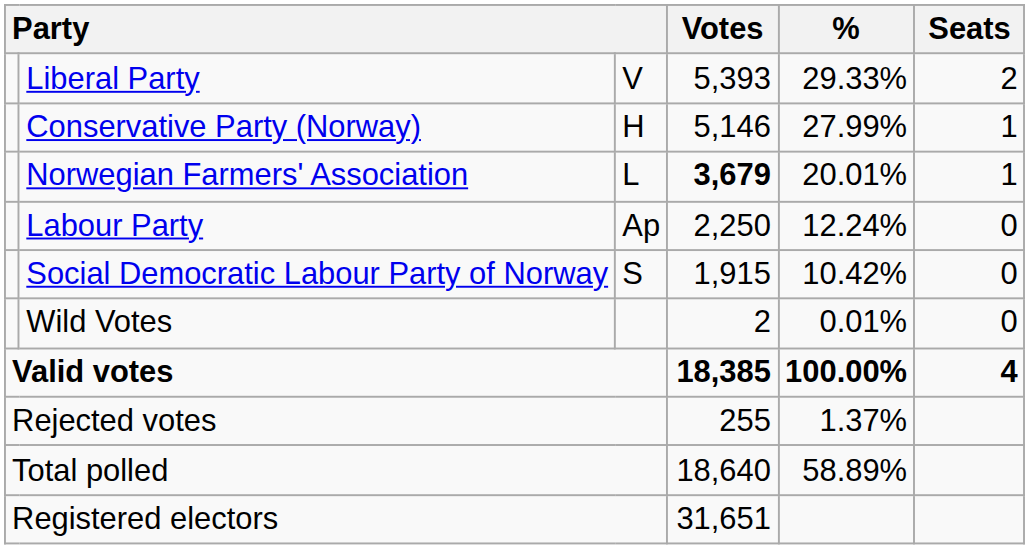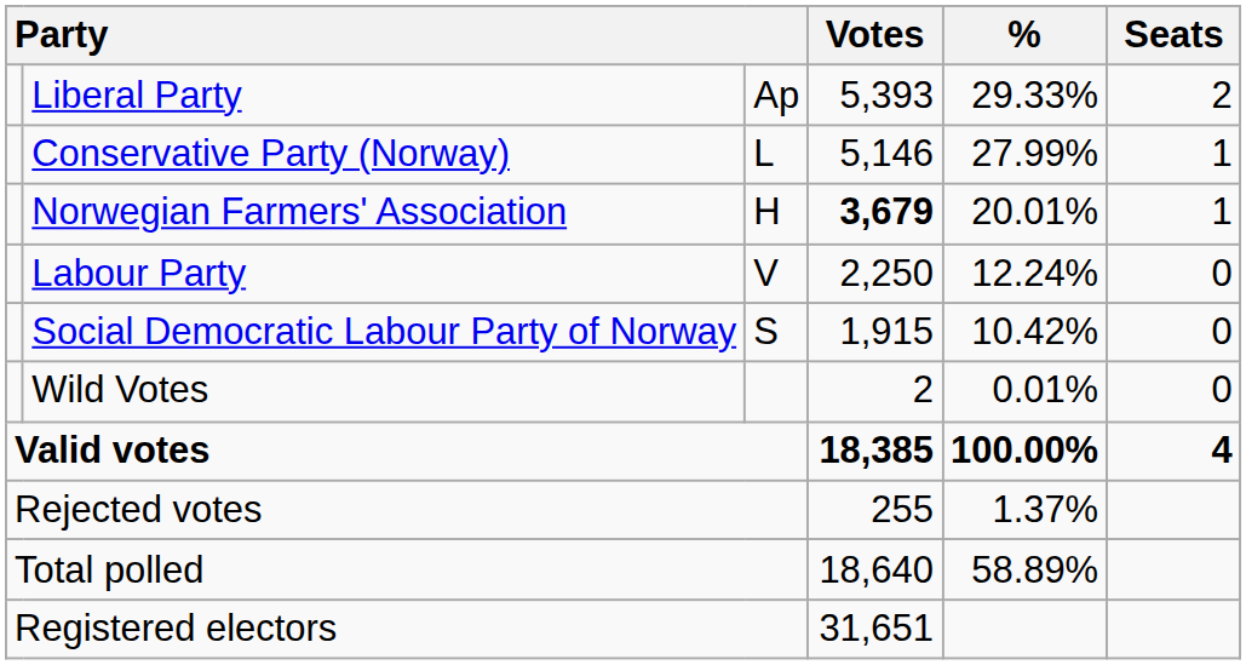 <table class="wikitable" border="1" style="text-align:right;">
 <tr>
 <th style="text-align:left;" colspan=3>Party</th>
 <th align=center width="50">Votes</th>
 <th align=center width="50">%</th>
 <th align=center width="50">Seats</th>
 </tr>
 <tr>
 <td style="color:inherit;background:"></td>
 <td align=left><a href='#'>Liberal Party</a></td>
-<td align=left>V</td>
+<td align=left>Ap</td>
 <td>5,393</td>
 <td>29.33%</td>
 <td>2</td>
 </tr>
 <tr>
 <td style="color:inherit;background:"></td>
 <td align=left><a href='#'>Conservative Party (Norway)</a></td>
-<td align=left>H</td>
+<td align=left>L</td>
 <td>5,146</td>
 <td>27.99%</td>
 <td>1</td>
 </tr>
 <tr>
 <td style="color:inherit;background:"></td>
 <td align=left><a href='#'>Norwegian Farmers' Association</a></td>
-<td align=left>L</td>
+<td align=left>H</td>
 <td><strong>3,679</strong></td>
 <td>20.01%</td>
 <td>1</td>
 </tr>
 <tr>
 <td style="color:inherit;background:"></td>
 <td align=left><a href='#'>Labour Party</a></td>
-<td align=left>Ap</td>
+<td align=left>V</td>
 <td>2,250</td>
 <td>12.24%</td>
 <td>0</td>
 </tr>
 <tr>
 <td style="color:inherit;background:"></td>
 <td align=left><a href='#'>Social Democratic Labour Party of Norway</a></td>
 <td align=left>S</td>
 <td>1,915</td>
 <td>10.42%</td>
 <td>0</td>
 </tr>
 <tr>
 <td></td>
 <td align=left>Wild Votes</td>
 <td align=left></td>
 <td>2</td>
 <td>0.01%</td>
 <td>0</td>
 </tr>
 <tr style="font-weight:bold">
 <td align=left colspan=3>Valid votes</td>
 <td>18,385</td>
 <td>100.00%</td>
 <td>4</td>
 </tr>
 <tr>
 <td align=left colspan=3>Rejected votes</td>
 <td>255</td>
 <td>1.37%</td>
 <td></td>
 </tr>
 <tr>
 <td align=left colspan=3>Total polled</td>
 <td>18,640</td>
 <td>58.89%</td>
 <td></td>
 </tr>
 <tr>
 <td align=left colspan=3>Registered electors</td>
 <td>31,651</td>
 <td></td>
 <td></td>
 </tr>
 </table>
